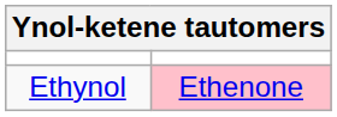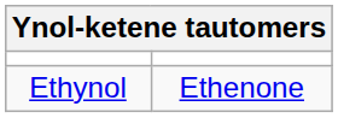 <table class="wikitable" style="margin: 1em auto 1em auto">
 <tr>
 <th colspan="2">Ynol-ketene tautomers</th>
 </tr>
 <tr style="background-color:#ffffff;">
 <td></td>
 <td></td>
 </tr>
 <tr align="center">
 <td><a href='#'>Ethynol</a></td>
-<td style="background: pink;"><a href='#'>Ethenone</a></td>
+<td><a href='#'>Ethenone</a></td>
 </tr>
 </table>
